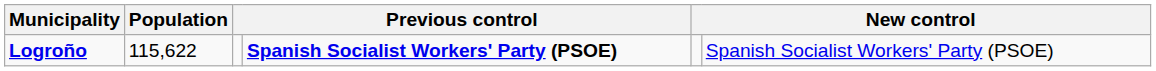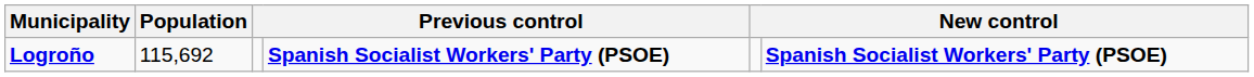 <table class="wikitable sortable">
 <tr>
 <th>Municipality</th>
 <th>Population</th>
 <th colspan="2" style="width:375px;">Previous control</th>
 <th colspan="2" style="width:375px;">New control</th>
 </tr>
 <tr>
 <td><strong><a href='#'>Logroño</a></strong></td>
-<td>115,622</td>
+<td>115,692</td>
 <td width="1" style="color:inherit;background:"></td>
 <td><strong><a href='#'>Spanish Socialist Workers' Party</a> (PSOE)</strong></td>
 <td width="1" style="color:inherit;background:"></td>
-<td><a href='#'>Spanish Socialist Workers' Party</a> (PSOE)</td>
+<td><strong><a href='#'>Spanish Socialist Workers' Party</a> (PSOE)</strong></td>
 </tr>
 </table>
